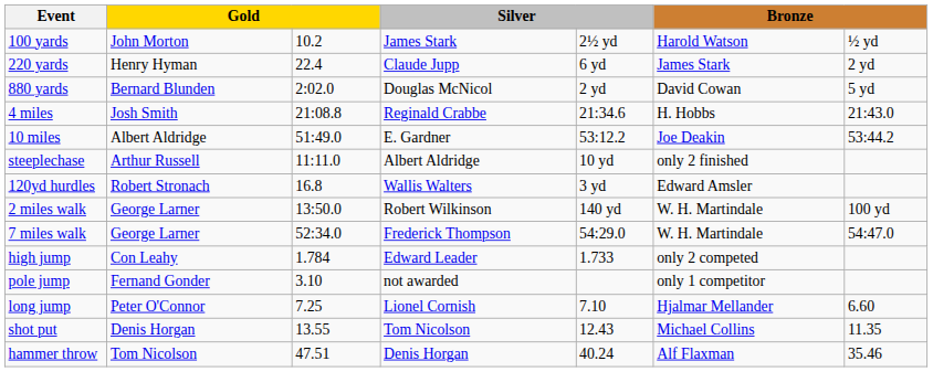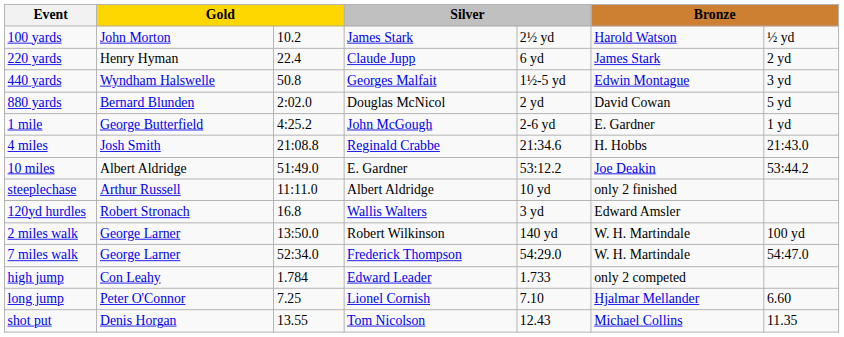 <table class="wikitable" style="text-align:left">
 <tr>
 <th width=100>Event</th>
 <th colspan="2" width="280" style="background:gold;">Gold</th>
 <th colspan="2" width="280" style="background:silver;">Silver</th>
 <th colspan="2" width="280" style="background:#CD7F32;">Bronze</th>
 </tr>
 <tr>
 <td><a href='#'>100 yards</a></td>
 <td><a href='#'>John Morton</a></td>
 <td>10.2</td>
 <td> <a href='#'>James Stark</a></td>
 <td>2½ yd</td>
 <td><a href='#'>Harold Watson</a></td>
 <td>½ yd</td>
 </tr>
 <tr>
 <td><a href='#'>220 yards</a></td>
 <td> Henry Hyman</td>
 <td>22.4</td>
 <td><a href='#'>Claude Jupp</a></td>
 <td>6 yd</td>
 <td> <a href='#'>James Stark</a></td>
 <td>2 yd</td>
 </tr>
 <tr>
+<td><a href='#'>440 yards</a></td>
+<td> <a href='#'>Wyndham Halswelle</a></td>
+<td>50.8</td>
+<td> <a href='#'>Georges Malfait</a></td>
+<td>1½-5 yd</td>
+<td><a href='#'>Edwin Montague</a></td>
+<td>3 yd</td>
+</tr>
+<tr>
 <td><a href='#'>880 yards</a></td>
 <td> <a href='#'>Bernard Blunden</a></td>
 <td>2:02.0</td>
 <td> Douglas McNicol</td>
 <td>2 yd</td>
 <td>David Cowan</td>
 <td>5 yd</td>
+</tr>
+<tr>
+<td><a href='#'>1 mile</a></td>
+<td><a href='#'>George Butterfield</a></td>
+<td>4:25.2</td>
+<td> <a href='#'>John McGough</a></td>
+<td>2-6 yd</td>
+<td>E. Gardner</td>
+<td>1 yd</td>
 </tr>
 <tr>
 <td><a href='#'>4 miles</a></td>
 <td><a href='#'>Josh Smith</a></td>
 <td>21:08.8</td>
 <td><a href='#'>Reginald Crabbe</a></td>
 <td>21:34.6</td>
 <td>H. Hobbs</td>
 <td>21:43.0</td>
 </tr>
 <tr>
 <td><a href='#'>10 miles</a></td>
 <td>Albert Aldridge</td>
 <td>51:49.0</td>
 <td>E. Gardner</td>
 <td>53:12.2</td>
 <td><a href='#'>Joe Deakin</a></td>
 <td>53:44.2</td>
 </tr>
 <tr>
 <td><a href='#'>steeplechase</a></td>
 <td><a href='#'>Arthur Russell</a></td>
 <td>11:11.0</td>
 <td>Albert Aldridge</td>
 <td>10 yd</td>
 <td>only 2 finished</td>
 <td></td>
 </tr>
 <tr>
 <td><a href='#'>120yd hurdles</a></td>
 <td> <a href='#'>Robert Stronach</a></td>
 <td>16.8</td>
 <td> <a href='#'>Wallis Walters</a></td>
 <td>3 yd</td>
 <td> Edward Amsler</td>
 <td></td>
 </tr>
 <tr>
 <td><a href='#'>2 miles walk</a></td>
 <td><a href='#'>George Larner</a></td>
 <td>13:50.0</td>
 <td>Robert Wilkinson</td>
 <td>140 yd</td>
 <td>W. H. Martindale</td>
 <td>100 yd</td>
 </tr>
 <tr>
 <td><a href='#'>7 miles walk</a></td>
 <td><a href='#'>George Larner</a></td>
 <td>52:34.0</td>
 <td><a href='#'>Frederick Thompson</a></td>
 <td>54:29.0</td>
 <td>W. H. Martindale</td>
 <td>54:47.0</td>
 </tr>
 <tr>
 <td><a href='#'>high jump</a></td>
 <td><a href='#'>Con Leahy</a></td>
 <td>1.784</td>
 <td><a href='#'>Edward Leader</a></td>
 <td>1.733</td>
 <td>only 2 competed</td>
 <td></td>
 </tr>
 <tr>
-<td><a href='#'>pole jump</a></td>
-<td> <a href='#'>Fernand Gonder</a></td>
-<td>3.10</td>
-<td>not awarded</td>
-<td></td>
-<td>only 1 competitor</td>
-<td></td>
-</tr>
-<tr>
 <td><a href='#'>long jump</a></td>
 <td> <a href='#'>Peter O'Connor</a></td>
 <td>7.25</td>
 <td><a href='#'>Lionel Cornish</a></td>
 <td>7.10</td>
 <td> <a href='#'>Hjalmar Mellander</a></td>
 <td>6.60</td>
 </tr>
 <tr>
 <td><a href='#'>shot put</a></td>
 <td> <a href='#'>Denis Horgan</a></td>
 <td>13.55</td>
 <td> <a href='#'>Tom Nicolson</a></td>
 <td>12.43</td>
 <td> <a href='#'>Michael Collins</a></td>
 <td>11.35</td>
 </tr>
-<tr>
-<td><a href='#'>hammer throw</a></td>
-<td> <a href='#'>Tom Nicolson</a></td>
-<td>47.51</td>
-<td> <a href='#'>Denis Horgan</a></td>
-<td>40.24</td>
-<td><a href='#'>Alf Flaxman</a></td>
-<td>35.46</td>
-</tr>
 </table>
